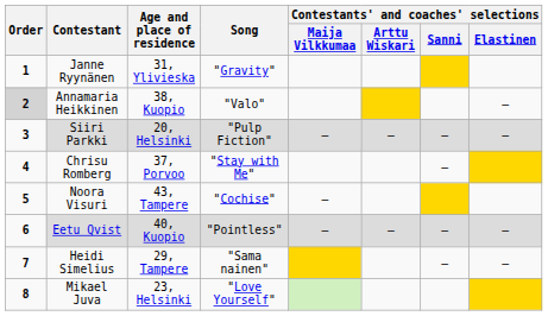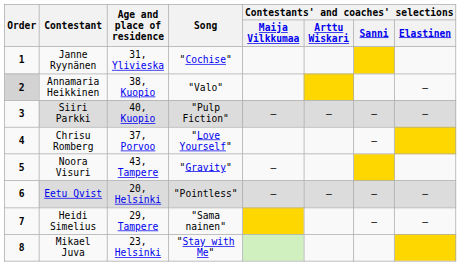 <table class="wikitable" style="text-align:center;">
 <tr>
 <th scope="col" rowspan="2" style="width:02%;">Order</th>
 <th scope="col" rowspan="2" style="width:10%;">Contestant</th>
 <th scope="col" rowspan="2" style="width:08%;">Age and place of residence</th>
 <th scope="col" rowspan="2" style="width:10%;">Song</th>
 <th scope="col" colspan="4" style="width:20%;">Contestants' and coaches' selections</th>
 </tr>
 <tr>
 <th style="width:08%;"><a href='#'>Maija Vilkkumaa</a></th>
 <th style="width:08%;"><a href='#'>Arttu Wiskari</a></th>
 <th style="width:08%;"><a href='#'>Sanni</a></th>
 <th style="width:08%;"><a href='#'>Elastinen</a></th>
 </tr>
 <tr>
 <td><strong>1</strong></td>
 <td>Janne Ryynänen</td>
 <td>31, <a href='#'>Ylivieska</a></td>
-<td>"<a href='#'>Gravity</a>"</td>
+<td>"<a href='#'>Cochise</a>"</td>
 <td><strong></strong></td>
 <td><strong></strong></td>
 <td bgcolor="gold"><strong></strong></td>
 <td><strong></strong></td>
 </tr>
 <tr>
 <td style="background: lightgrey;"><strong>2</strong></td>
 <td>Annamaria Heikkinen</td>
 <td>38, <a href='#'>Kuopio</a></td>
 <td>"Valo"</td>
 <td><strong></strong></td>
 <td bgcolor="gold"><strong></strong></td>
 <td><strong></strong></td>
 <td>—</td>
 </tr>
 <tr>
 <td><strong>3</strong></td>
 <td style="background:#DCDCDC;">Siiri Parkki</td>
-<td style="background:#DCDCDC;">20, <a href='#'>Helsinki</a></td>
+<td style="background:#DCDCDC;">40, <a href='#'>Kuopio</a></td>
 <td style="background:#DCDCDC;">"Pulp Fiction"</td>
 <td style="background:#DCDCDC;">—</td>
 <td style="background:#DCDCDC;">—</td>
 <td style="background:#DCDCDC;">—</td>
 <td style="background:#DCDCDC;">—</td>
 </tr>
 <tr>
 <td><strong>4</strong></td>
 <td>Chrisu Romberg</td>
 <td>37, <a href='#'>Porvoo</a></td>
-<td>"<a href='#'>Stay with Me</a>"</td>
+<td>"<a href='#'>Love Yourself</a>"</td>
 <td><strong></strong></td>
 <td><strong></strong></td>
 <td>—</td>
 <td bgcolor="gold"><strong></strong></td>
 </tr>
 <tr>
 <td><strong>5</strong></td>
 <td>Noora Visuri</td>
 <td>43, <a href='#'>Tampere</a></td>
-<td>"<a href='#'>Cochise</a>"</td>
+<td>"<a href='#'>Gravity</a>"</td>
 <td>—</td>
 <td><strong></strong></td>
 <td bgcolor="gold"><strong></strong></td>
 <td><strong></strong></td>
 </tr>
 <tr>
 <td><strong>6</strong></td>
 <td style="background:#DCDCDC;"><a href='#'>Eetu Qvist</a></td>
-<td style="background:#DCDCDC;">40, <a href='#'>Kuopio</a></td>
+<td style="background:#DCDCDC;">20, <a href='#'>Helsinki</a></td>
 <td style="background:#DCDCDC;">"Pointless"</td>
 <td style="background:#DCDCDC;">—</td>
 <td style="background:#DCDCDC;">—</td>
 <td style="background:#DCDCDC;">—</td>
 <td style="background:#DCDCDC;">—</td>
 </tr>
 <tr>
 <td><strong>7</strong></td>
 <td>Heidi Simelius</td>
 <td>29, <a href='#'>Tampere</a></td>
 <td>"Sama nainen"</td>
 <td bgcolor="gold"><strong></strong></td>
 <td><strong></strong></td>
 <td>—</td>
 <td>—</td>
 </tr>
 <tr>
 <td><strong>8</strong></td>
 <td>Mikael Juva</td>
 <td>23, <a href='#'>Helsinki</a></td>
-<td>"<a href='#'>Love Yourself</a>"</td>
+<td>"<a href='#'>Stay with Me</a>"</td>
 <td bgcolor="#d0f0c0"><strong></strong></td>
 <td><strong></strong></td>
 <td><strong></strong></td>
 <td bgcolor="gold"><strong></strong></td>
 </tr>
 </table>
